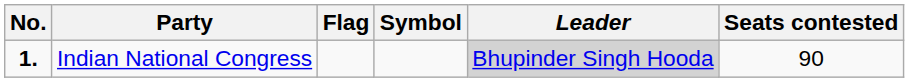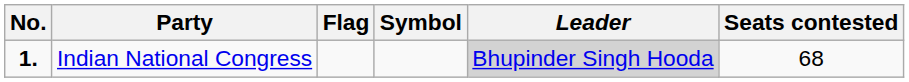 <table class="wikitable">
 <tr>
 <th>No.</th>
 <th>Party</th>
 <th><strong>Flag</strong></th>
 <th>Symbol</th>
 <th><em>Leader</em></th>
 <th>Seats contested</th>
 </tr>
 <tr>
 <td ! style="text-align:center; background:"><strong>1.</strong></td>
 <td style="text-align:center"><a href='#'>Indian National Congress</a></td>
 <td></td>
 <td></td>
 <td style="background: lightgrey; text-align:center"><a href='#'>Bhupinder Singh Hooda</a></td>
-<td style="text-align:center">90</td>
+<td style="text-align:center">68</td>
 </tr>
 </table>
